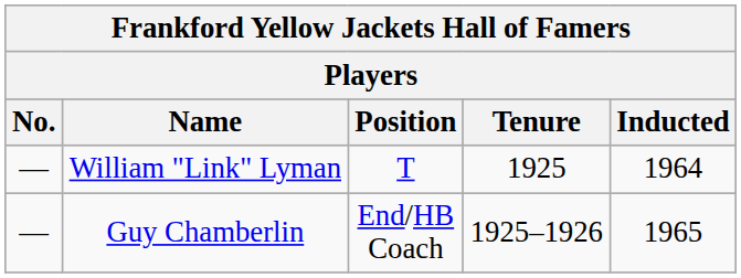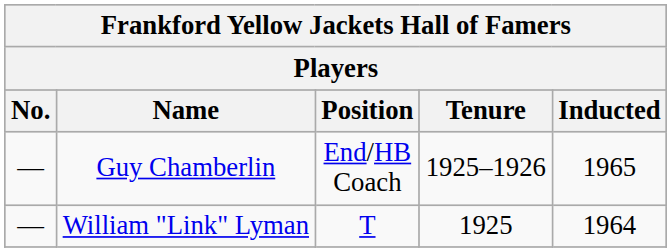 <table class="wikitable" style="text-align:center">
 <tr>
 <th colspan="5">Frankford Yellow Jackets Hall of Famers</th>
 </tr>
 <tr>
 <th colspan="5">Players</th>
 </tr>
 <tr>
 <th>No.</th>
 <th>Name</th>
 <th>Position</th>
 <th>Tenure</th>
 <th>Inducted</th>
 </tr>
 <tr>
 <td>—</td>
+<td><a href='#'>Guy Chamberlin</a></td>
+<td><a href='#'>End</a>/<a href='#'>HB</a><br>Coach</td>
+<td>1925–1926</td>
+<td>1965</td>
+</tr>
+<tr>
+<td>—</td>
 <td><a href='#'>William "Link" Lyman</a></td>
 <td><a href='#'>T</a></td>
 <td>1925</td>
 <td>1964</td>
 </tr>
-<tr>
-<td>—</td>
-<td><a href='#'>Guy Chamberlin</a></td>
-<td><a href='#'>End</a>/<a href='#'>HB</a><br>Coach</td>
-<td>1925–1926</td>
-<td>1965</td>
-</tr>
 </table>
